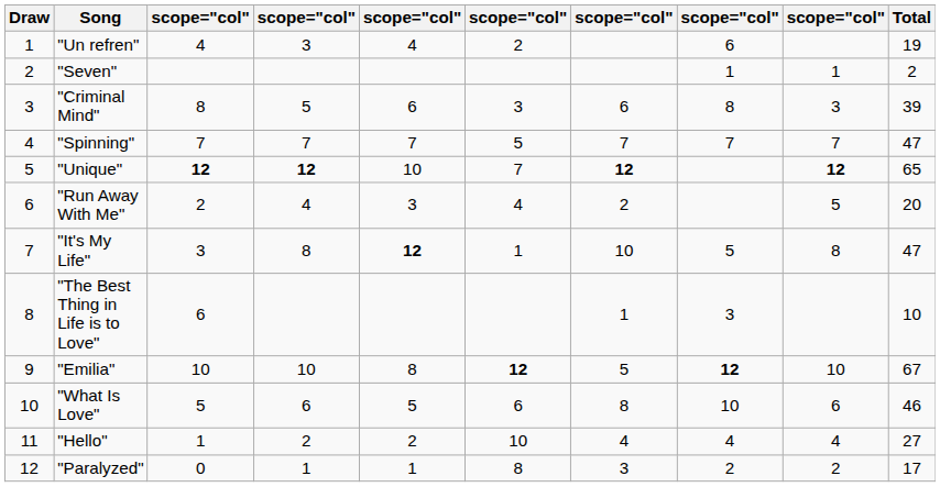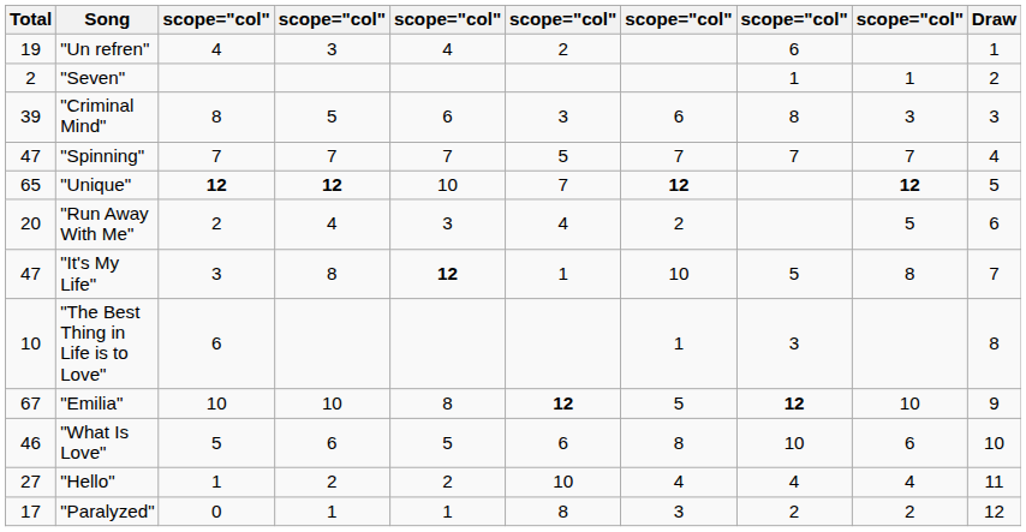 <table class="wikitable collapsible" style="margin: 1em auto 1em auto; text-align:center;">
 <tr>
-<th>Draw</th>
+<th>Total</th>
 <th>Song</th>
 <th>scope="col" </th>
 <th>scope="col" </th>
 <th>scope="col" </th>
 <th>scope="col" </th>
 <th>scope="col" </th>
 <th>scope="col" </th>
 <th>scope="col" </th>
-<th>Total</th>
+<th>Draw</th>
 </tr>
 <tr>
-<td>1</td>
+<td>19</td>
 <td align="left">"Un refren"</td>
 <td>4</td>
 <td>3</td>
 <td>4</td>
 <td>2</td>
 <td></td>
 <td>6</td>
 <td></td>
-<td>19</td>
+<td>1</td>
 </tr>
 <tr>
 <td>2</td>
 <td align="left">"Seven"</td>
 <td></td>
 <td></td>
 <td></td>
 <td></td>
 <td></td>
 <td>1</td>
 <td>1</td>
 <td>2</td>
 </tr>
 <tr>
-<td>3</td>
+<td>39</td>
 <td align="left">"Criminal Mind"</td>
 <td>8</td>
 <td>5</td>
 <td>6</td>
 <td>3</td>
 <td>6</td>
 <td>8</td>
 <td>3</td>
-<td>39</td>
+<td>3</td>
 </tr>
 <tr>
-<td>4</td>
+<td>47</td>
 <td align="left">"Spinning"</td>
 <td>7</td>
 <td>7</td>
 <td>7</td>
 <td>5</td>
 <td>7</td>
 <td>7</td>
 <td>7</td>
-<td>47</td>
+<td>4</td>
 </tr>
 <tr>
-<td>5</td>
+<td>65</td>
 <td align="left">"Unique"</td>
 <td><strong>12</strong></td>
 <td><strong>12</strong></td>
 <td>10</td>
 <td>7</td>
 <td><strong>12</strong></td>
 <td></td>
 <td><strong>12</strong></td>
-<td>65</td>
+<td>5</td>
 </tr>
 <tr>
-<td>6</td>
+<td>20</td>
 <td align="left">"Run Away With Me"</td>
 <td>2</td>
 <td>4</td>
 <td>3</td>
 <td>4</td>
 <td>2</td>
 <td></td>
 <td>5</td>
-<td>20</td>
+<td>6</td>
 </tr>
 <tr>
-<td>7</td>
+<td>47</td>
 <td align="left">"It's My Life"</td>
 <td>3</td>
 <td>8</td>
 <td><strong>12</strong></td>
 <td>1</td>
 <td>10</td>
 <td>5</td>
 <td>8</td>
-<td>47</td>
+<td>7</td>
 </tr>
 <tr>
-<td>8</td>
+<td>10</td>
 <td align="left">"The Best Thing in Life is to Love"</td>
 <td>6</td>
 <td></td>
 <td></td>
 <td></td>
 <td>1</td>
 <td>3</td>
 <td></td>
-<td>10</td>
+<td>8</td>
 </tr>
 <tr>
-<td>9</td>
+<td>67</td>
 <td align="left">"Emilia"</td>
 <td>10</td>
 <td>10</td>
 <td>8</td>
 <td><strong>12</strong></td>
 <td>5</td>
 <td><strong>12</strong></td>
 <td>10</td>
-<td>67</td>
+<td>9</td>
 </tr>
 <tr>
-<td>10</td>
+<td>46</td>
 <td align="left">"What Is Love"</td>
 <td>5</td>
 <td>6</td>
 <td>5</td>
 <td>6</td>
 <td>8</td>
 <td>10</td>
 <td>6</td>
-<td>46</td>
+<td>10</td>
 </tr>
 <tr>
-<td>11</td>
+<td>27</td>
 <td align="left">"Hello"</td>
 <td>1</td>
 <td>2</td>
 <td>2</td>
 <td>10</td>
 <td>4</td>
 <td>4</td>
 <td>4</td>
-<td>27</td>
+<td>11</td>
 </tr>
 <tr>
-<td>12</td>
+<td>17</td>
 <td align="left">"Paralyzed"</td>
 <td>0</td>
 <td>1</td>
 <td>1</td>
 <td>8</td>
 <td>3</td>
 <td>2</td>
 <td>2</td>
-<td>17</td>
+<td>12</td>
 </tr>
 </table>
